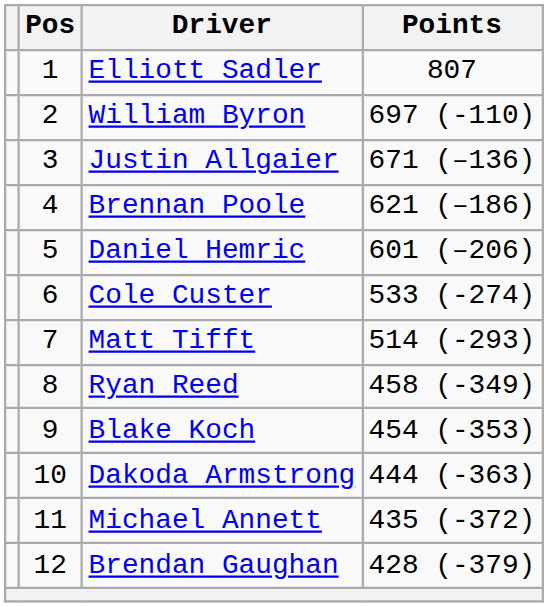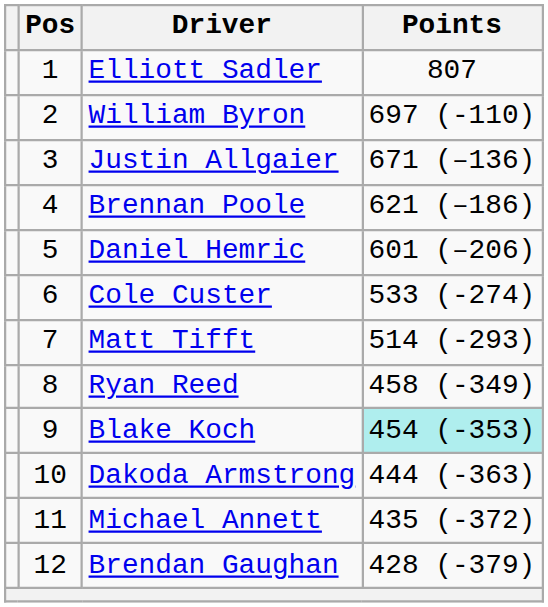 <table class="wikitable" style="font-size: 95%;">
 <tr>
 <th></th>
 <th>Pos</th>
 <th>Driver</th>
 <th>Points</th>
 </tr>
 <tr>
 <td align="left"></td>
 <td style="text-align:center;">1</td>
 <td><a href='#'>Elliott Sadler</a></td>
 <td style="text-align:center;">807</td>
 </tr>
 <tr>
 <td align="left"></td>
 <td style="text-align:center;">2</td>
 <td><a href='#'>William Byron</a></td>
 <td style="text-align:center;">697 (-110)</td>
 </tr>
 <tr>
 <td align="left"></td>
 <td style="text-align:center;">3</td>
 <td><a href='#'>Justin Allgaier</a></td>
 <td style="text-align:center;">671 (–136)</td>
 </tr>
 <tr>
 <td align="left"></td>
 <td style="text-align:center;">4</td>
 <td><a href='#'>Brennan Poole</a></td>
 <td style="text-align:center;">621 (–186)</td>
 </tr>
 <tr>
 <td align="left"></td>
 <td style="text-align:center;">5</td>
 <td><a href='#'>Daniel Hemric</a></td>
 <td style="text-align:center;">601 (–206)</td>
 </tr>
 <tr>
 <td align="left"></td>
 <td style="text-align:center;">6</td>
 <td><a href='#'>Cole Custer</a></td>
 <td style="text-align:center;">533 (-274)</td>
 </tr>
 <tr>
 <td align="left"></td>
 <td style="text-align:center;">7</td>
 <td><a href='#'>Matt Tifft</a></td>
 <td style="text-align:center;">514 (-293)</td>
 </tr>
 <tr>
 <td align="left"></td>
 <td style="text-align:center;">8</td>
 <td><a href='#'>Ryan Reed</a></td>
 <td style="text-align:center;">458 (-349)</td>
 </tr>
 <tr>
 <td align="left"></td>
 <td style="text-align:center;">9</td>
 <td><a href='#'>Blake Koch</a></td>
-<td style="text-align:center;">454 (-353)</td>
+<td style="background: paleturquoise; text-align:center;">454 (-353)</td>
 </tr>
 <tr>
 <td align="left"></td>
 <td style="text-align:center;">10</td>
 <td><a href='#'>Dakoda Armstrong</a></td>
 <td style="text-align:center;">444 (-363)</td>
 </tr>
 <tr>
 <td align="left"></td>
 <td style="text-align:center;">11</td>
 <td><a href='#'>Michael Annett</a></td>
 <td style="text-align:center;">435 (-372)</td>
 </tr>
 <tr>
 <td align="left"></td>
 <td style="text-align:center;">12</td>
 <td><a href='#'>Brendan Gaughan</a></td>
 <td style="text-align:center;">428 (-379)</td>
 </tr>
 <tr class="sortbottom">
 <th colspan="9"></th>
 </tr>
 </table>
